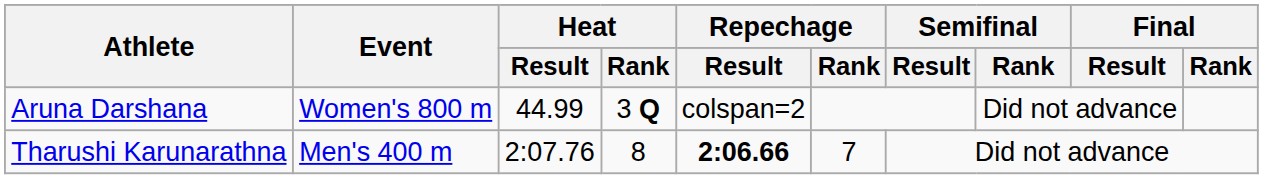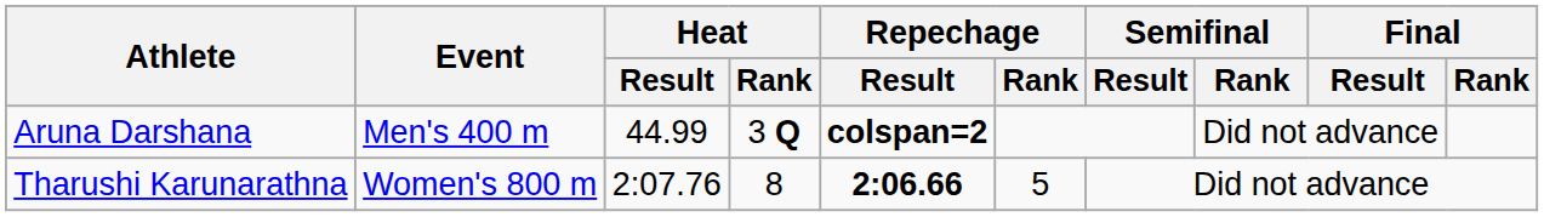 <table class="wikitable" style="font-size:90%">
 <tr>
 <th rowspan="2">Athlete</th>
 <th rowspan="2">Event</th>
 <th colspan="2">Heat</th>
 <th colspan="2">Repechage</th>
 <th colspan="2">Semifinal</th>
 <th colspan="2">Final</th>
 </tr>
 <tr style="font-size:95%">
 <th>Result</th>
 <th>Rank</th>
 <th>Result</th>
 <th>Rank</th>
 <th>Result</th>
 <th>Rank</th>
 <th>Result</th>
 <th>Rank</th>
 </tr>
 <tr align=center>
 <td align=left><a href='#'>Aruna Darshana</a></td>
-<td align=left><a href='#'>Women's 800 m</a></td>
+<td align=left><a href='#'>Men's 400 m</a></td>
 <td>44.99 <strong></strong></td>
 <td>3 <strong>Q</strong></td>
-<td>colspan=2 </td>
+<td><strong>colspan=2 </strong></td>
 <td Colspan=2></td>
 <td colspan=2>Did not advance</td>
 </tr>
 <tr align=center>
 <td align=left><a href='#'>Tharushi Karunarathna</a></td>
-<td align=left><a href='#'>Men's 400 m</a></td>
+<td align=left><a href='#'>Women's 800 m</a></td>
 <td>2:07.76</td>
 <td>8</td>
 <td><strong>2:06.66</strong></td>
-<td>7</td>
+<td>5</td>
 <td colspan=4>Did not advance</td>
 </tr>
 </table>
